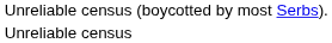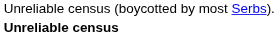 <table style="margin: 1em auto;">
 <tr>
 <td> Unreliable census (boycotted by most <a href='#'>Serbs</a>).</td>
 </tr>
 <tr>
-<td> Unreliable census</td>
+<td><strong> Unreliable census</strong></td>
 </tr>
 </table>
